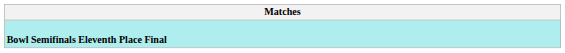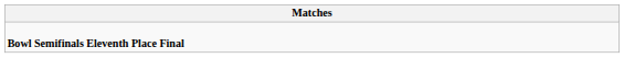 <table class="wikitable collapsible collapsed" style="width:100%;">
 <tr>
 <th>Matches</th>
 </tr>
 <tr>
-<td style="background: paleturquoise;"><br><strong>Bowl Semifinals</strong>   <strong>Eleventh Place</strong>  <strong>Final</strong> </td>
+<td><br><strong>Bowl Semifinals</strong>   <strong>Eleventh Place</strong>  <strong>Final</strong> </td>
 </tr>
 </table>
